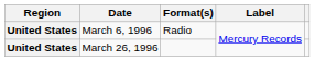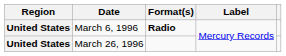 <table class="wikitable plainrowheaders">
 <tr>
 <th scope="col">Region</th>
 <th scope="col">Date</th>
 <th scope="col">Format(s)</th>
 <th scope="col">Label</th>
 <th scope="col"></th>
 </tr>
 <tr>
 <th scope="row">United States</th>
 <td>March 6, 1996</td>
-<td>Radio</td>
+<td><strong>Radio</strong></td>
 <td rowspan="2"><a href='#'>Mercury Records</a></td>
 <td></td>
 </tr>
 <tr>
 <th scope="row">United States</th>
 <td>March 26, 1996</td>
 <td></td>
 <td></td>
 </tr>
 </table>
